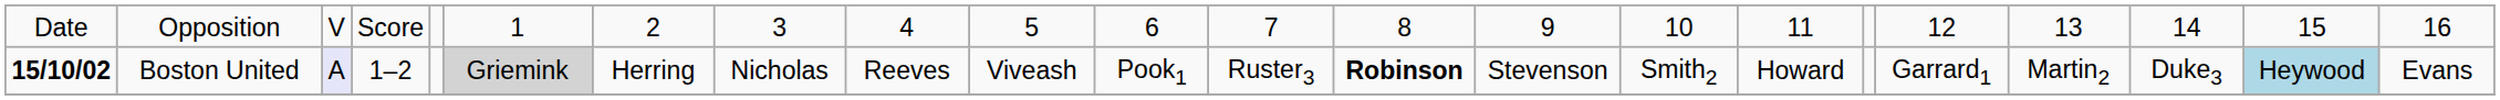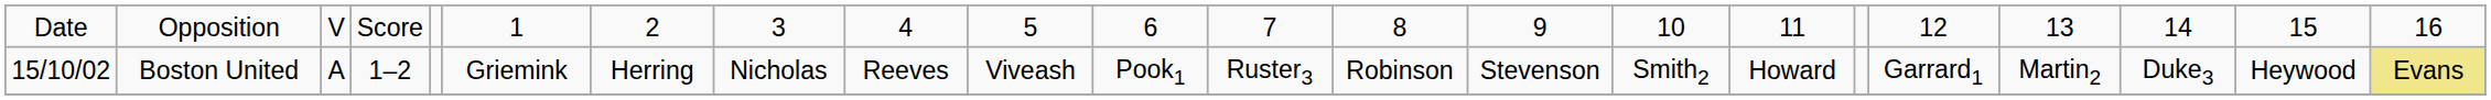 <table class="wikitable" style="font-size: 80%; text-align: center;">
 <tr style="text-align:center;">
 <td style="width:10px; ">Date</td>
 <td style="width:150px; ">Opposition</td>
 <td style="width:5px; ">V</td>
 <td style="width:5px; ">Score</td>
 <td style="width:1px; text-align:center;"></td>
 <td style="width:95px; ">1</td>
 <td style="width:75px; ">2</td>
 <td style="width:75px; ">3</td>
 <td style="width:75px; ">4</td>
 <td style="width:75px; ">5</td>
 <td style="width:75px; ">6</td>
 <td style="width:75px; ">7</td>
 <td style="width:75px; ">8</td>
 <td style="width:75px; ">9</td>
 <td style="width:75px; ">10</td>
 <td style="width:75px; ">11</td>
 <td style="width:1px; text-align:center;"></td>
 <td style="width:75px; ">12</td>
 <td style="width:75px; ">13</td>
 <td style="width:75px; ">14</td>
 <td style="width:75px; ">15</td>
 <td style="width:75px; ">16</td>
 </tr>
 <tr>
-<td><strong>15/10/02</strong></td>
+<td>15/10/02</td>
 <td>Boston United</td>
-<td style="background: lavender;">A</td>
+<td>A</td>
 <td>1–2</td>
 <td></td>
-<td style="background: lightgrey;">Griemink</td>
+<td>Griemink</td>
 <td>Herring</td>
 <td>Nicholas</td>
 <td>Reeves</td>
 <td>Viveash</td>
 <td>Pook<sub>1</sub></td>
 <td>Ruster<sub>3</sub></td>
-<td><strong>Robinson</strong></td>
+<td>Robinson</td>
 <td>Stevenson</td>
 <td>Smith<sub>2</sub></td>
 <td>Howard</td>
 <td></td>
 <td>Garrard<sub>1</sub></td>
 <td>Martin<sub>2</sub></td>
 <td>Duke<sub>3</sub></td>
-<td style="background: lightblue;">Heywood</td>
-<td>Evans</td>
+<td>Heywood</td>
+<td style="background: khaki;">Evans</td>
 </tr>
 <tr>
 </tr>
 </table>
